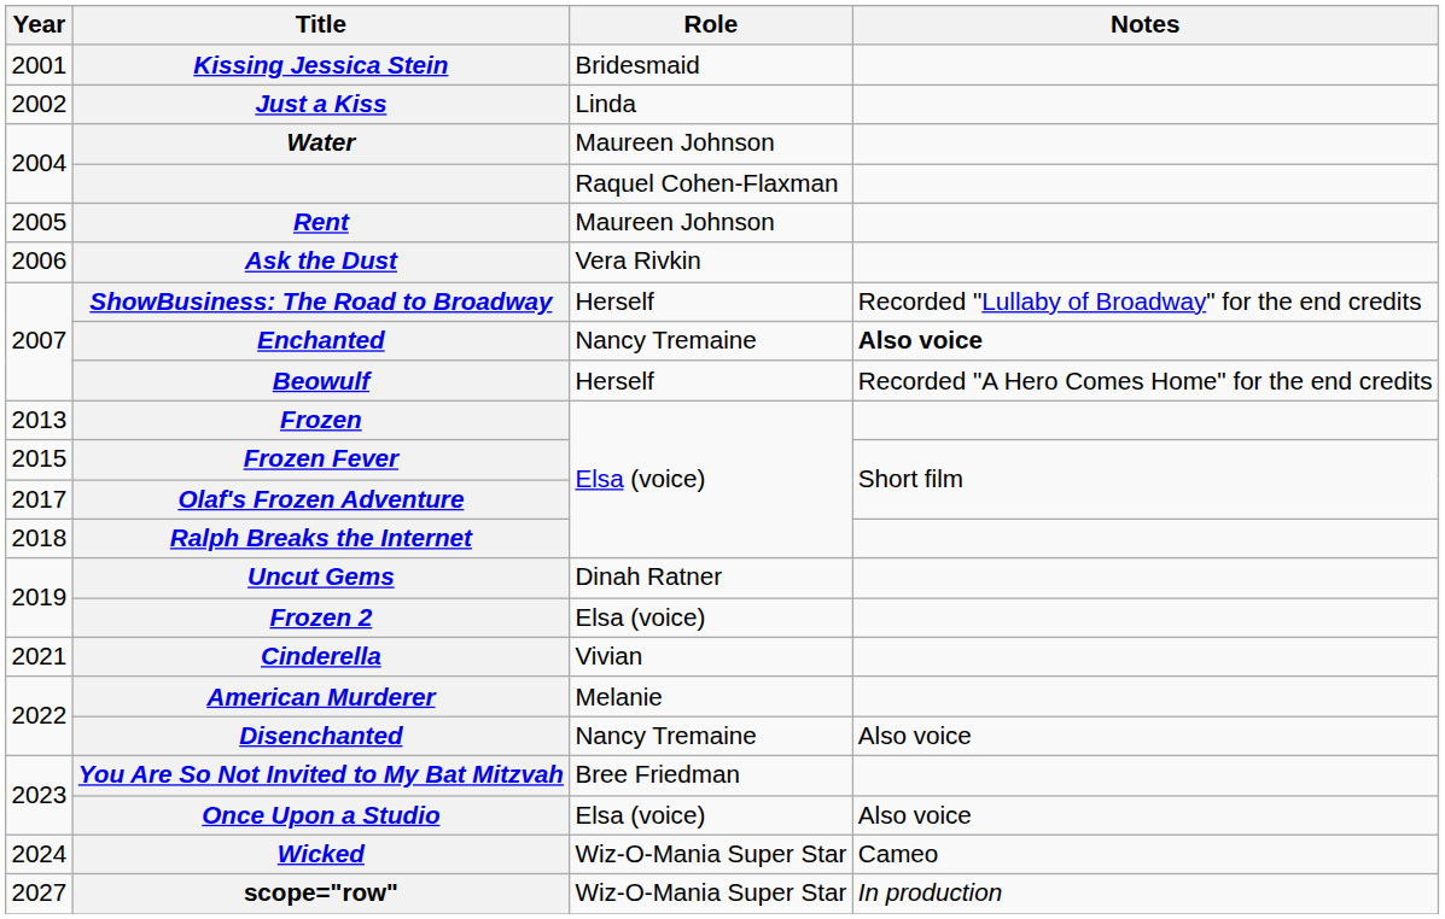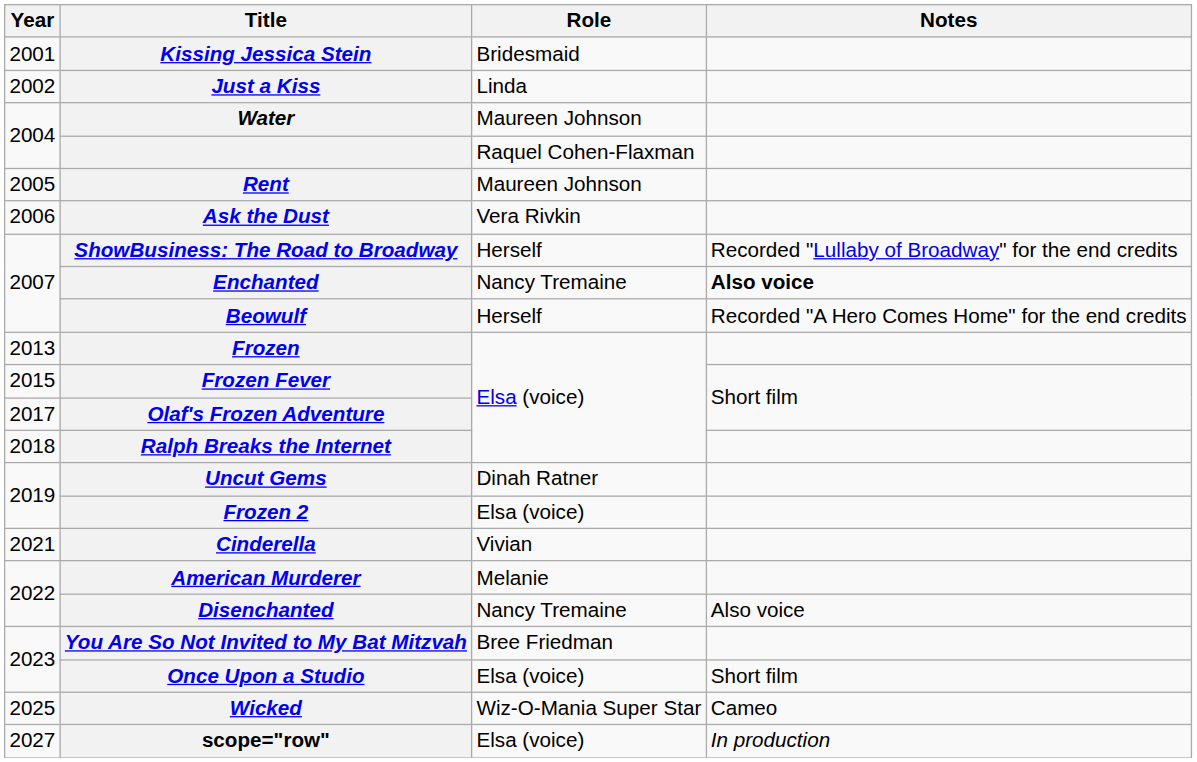 <table class="wikitable sortable plainrowheaders">
 <tr>
 <th scope="col">Year</th>
 <th scope="col">Title</th>
 <th scope="col">Role</th>
 <th scope="col" class="unsortable">Notes</th>
 </tr>
 <tr>
 <td>2001</td>
 <th scope="row"><em><a href='#'>Kissing Jessica Stein</a></em></th>
 <td>Bridesmaid</td>
 <td></td>
 </tr>
 <tr>
 <td>2002</td>
 <th scope="row"><em><a href='#'>Just a Kiss</a></em></th>
 <td>Linda</td>
 <td></td>
 </tr>
 <tr>
 <td rowspan="2">2004</td>
 <th scope="row"><em>Water</em></th>
 <td>Maureen Johnson</td>
 <td></td>
 </tr>
 <tr>
 <th scope="row"><em></em></th>
 <td>Raquel Cohen-Flaxman</td>
 <td></td>
 </tr>
 <tr>
 <td>2005</td>
 <th scope="row"><em><a href='#'>Rent</a></em></th>
 <td>Maureen Johnson</td>
 <td></td>
 </tr>
 <tr>
 <td>2006</td>
 <th scope="row"><em><a href='#'>Ask the Dust</a></em></th>
 <td>Vera Rivkin</td>
 <td></td>
 </tr>
 <tr>
 <td rowspan="3">2007</td>
 <th scope="row"><em><a href='#'>ShowBusiness: The Road to Broadway</a></em></th>
 <td>Herself</td>
 <td>Recorded "<a href='#'>Lullaby of Broadway</a>" for the end credits</td>
 </tr>
 <tr>
 <th scope="row"><em><a href='#'>Enchanted</a></em></th>
 <td>Nancy Tremaine</td>
 <td><strong>Also voice</strong></td>
 </tr>
 <tr>
 <th scope="row"><em><a href='#'>Beowulf</a></em></th>
 <td>Herself</td>
 <td>Recorded "A Hero Comes Home" for the end credits</td>
 </tr>
 <tr>
 <td>2013</td>
 <th scope="row"><em><a href='#'>Frozen</a></em></th>
 <td rowspan="4"><a href='#'>Elsa</a> (voice)</td>
 <td></td>
 </tr>
 <tr>
 <td>2015</td>
 <th scope="row"><em><a href='#'>Frozen Fever</a></em></th>
 <td rowspan=2>Short film</td>
 </tr>
 <tr>
 <td>2017</td>
 <th scope="row"><em><a href='#'>Olaf's Frozen Adventure</a></em></th>
 </tr>
 <tr>
 <td>2018</td>
 <th scope="row"><em><a href='#'>Ralph Breaks the Internet</a></em></th>
 <td></td>
 </tr>
 <tr>
 <td rowspan="2">2019</td>
 <th scope="row"><em><a href='#'>Uncut Gems</a></em></th>
 <td>Dinah Ratner</td>
 <td></td>
 </tr>
 <tr>
 <th scope="row"><em><a href='#'>Frozen 2</a></em></th>
 <td>Elsa (voice)</td>
 <td></td>
 </tr>
 <tr>
 <td>2021</td>
 <th scope="row"><em><a href='#'>Cinderella</a></em></th>
 <td>Vivian</td>
 <td></td>
 </tr>
 <tr>
 <td rowspan="2">2022</td>
 <th scope="row"><em><a href='#'>American Murderer</a></em></th>
 <td>Melanie</td>
 <td></td>
 </tr>
 <tr>
 <th scope="row"><em><a href='#'>Disenchanted</a></em></th>
 <td>Nancy Tremaine</td>
 <td>Also voice</td>
 </tr>
 <tr>
 <td rowspan="2">2023</td>
 <th scope="row"><em><a href='#'>You Are So Not Invited to My Bat Mitzvah</a></em></th>
 <td>Bree Friedman</td>
 <td></td>
 </tr>
 <tr>
 <th scope="row"><em><a href='#'>Once Upon a Studio</a></em></th>
 <td>Elsa (voice)</td>
-<td>Also voice</td>
+<td>Short film</td>
 </tr>
 <tr>
-<td>2024</td>
+<td>2025</td>
 <th scope="row"><em><a href='#'>Wicked</a></em></th>
 <td>Wiz-O-Mania Super Star</td>
 <td>Cameo</td>
 </tr>
 <tr>
 <td>2027</td>
 <th>scope="row" </th>
-<td>Wiz-O-Mania Super Star</td>
+<td>Elsa (voice)</td>
 <td><em>In production</em></td>
 </tr>
 </table>
